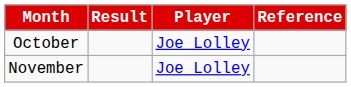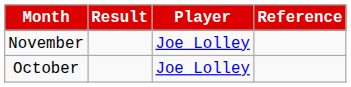 <table class=wikitable>
 <tr>
 <th style="background:#DD0000; color:#FFFFFF;">Month</th>
 <th style="background:#DD0000; color:#FFFFFF;">Result</th>
 <th style="background:#DD0000; color:#FFFFFF;">Player</th>
 <th style="background:#DD0000; color:#FFFFFF;">Reference</th>
 </tr>
 <tr>
+<td align=center>November</td>
+<td></td>
+<td><a href='#'>Joe Lolley</a></td>
+<td></td>
+</tr>
+<tr>
 <td align=center>October</td>
 <td></td>
 <td><a href='#'>Joe Lolley</a></td>
 <td></td>
 </tr>
-<tr>
-<td align=center>November</td>
-<td></td>
-<td><a href='#'>Joe Lolley</a></td>
-<td></td>
-</tr>
 </table>
